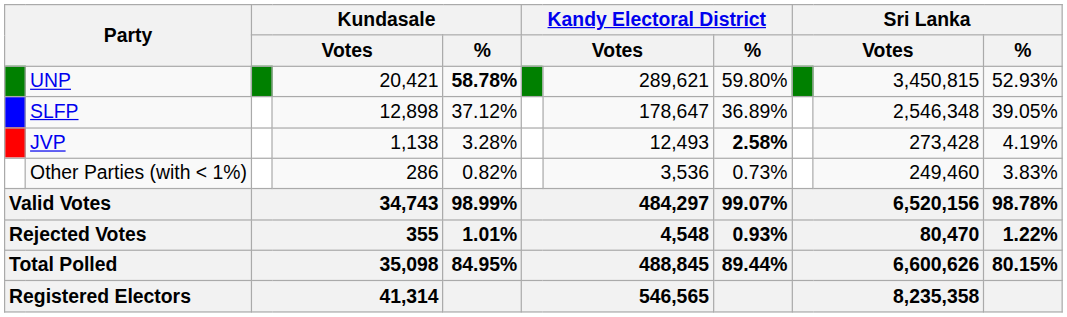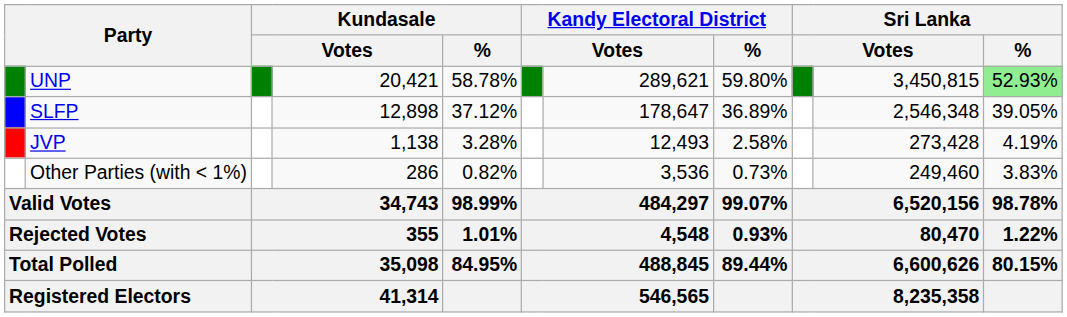 <table class="wikitable">
 <tr>
 <th colspan="2" width="144px"rowspan="2">Party</th>
 <th colspan="3" width="216px">Kundasale</th>
 <th colspan="3" width="216px"><a href='#'>Kandy Electoral District</a></th>
 <th colspan="3" width="216px">Sri Lanka</th>
 </tr>
 <tr>
 <th colspan="2" width="144px">Votes</th>
 <th>%</th>
 <th colspan="2" width="144px">Votes</th>
 <th>%</th>
 <th colspan="2" width="144px">Votes</th>
 <th>%</th>
 </tr>
 <tr>
 <td style="background-color:green;" width="10px"></td>
 <td style="text-align:left;"><a href='#'>UNP</a></td>
 <td style="background-color:green;" width="10px"></td>
 <td style="text-align:right;">20,421</td>
-<td style="text-align:right;"><strong>58.78%</strong></td>
+<td style="text-align:right;">58.78%</td>
 <td style="background-color:green;" width="10px"></td>
 <td style="text-align:right;">289,621</td>
 <td style="text-align:right;">59.80%</td>
 <td style="background-color:green;" width="10px"></td>
 <td style="text-align:right;">3,450,815</td>
-<td style="text-align:right;">52.93%</td>
+<td style="background: lightgreen; text-align:right;">52.93%</td>
 </tr>
 <tr>
 <td style="background-color:blue;" width="10px"></td>
 <td style="text-align:left;"><a href='#'>SLFP</a></td>
 <td style="background-color:white;" width="10px"></td>
 <td style="text-align:right;">12,898</td>
 <td style="text-align:right;">37.12%</td>
 <td style="background-color:white;" width="10px"></td>
 <td style="text-align:right;">178,647</td>
 <td style="text-align:right;">36.89%</td>
 <td style="background-color:white;" width="10px"></td>
 <td style="text-align:right;">2,546,348</td>
 <td style="text-align:right;">39.05%</td>
 </tr>
 <tr>
 <td style="background-color:red;" width="10px"></td>
 <td style="text-align:left;"><a href='#'>JVP</a></td>
 <td style="background-color:white;" width="10px"></td>
 <td style="text-align:right;">1,138</td>
 <td style="text-align:right;">3.28%</td>
 <td style="background-color:white;" width="10px"></td>
 <td style="text-align:right;">12,493</td>
-<td style="text-align:right;"><strong>2.58%</strong></td>
+<td style="text-align:right;">2.58%</td>
 <td style="background-color:white;" width="10px"></td>
 <td style="text-align:right;">273,428</td>
 <td style="text-align:right;">4.19%</td>
 </tr>
 <tr>
 <td style="background-color:white;" width="10px"></td>
 <td style="text-align:left;">Other Parties (with < 1%)</td>
 <td style="background-color:white;" width="10px"></td>
 <td style="text-align:right;">286</td>
 <td style="text-align:right;">0.82%</td>
 <td style="background-color:white;" width="10px"></td>
 <td style="text-align:right;">3,536</td>
 <td style="text-align:right;">0.73%</td>
 <td style="background-color:white;" width="10px"></td>
 <td style="text-align:right;">249,460</td>
 <td style="text-align:right;">3.83%</td>
 </tr>
 <tr>
 <th colspan="2" width="144px"style="text-align:left;">Valid Votes</th>
 <th style="text-align:right;"colspan="2" width="144px">34,743</th>
 <th style="text-align:right;">98.99%</th>
 <th style="text-align:right;"colspan="2" width="144px">484,297</th>
 <th style="text-align:right;">99.07%</th>
 <th style="text-align:right;"colspan="2" width="144px">6,520,156</th>
 <th style="text-align:right;">98.78%</th>
 </tr>
 <tr>
 <th colspan="2" width="144px"style="text-align:left;">Rejected Votes</th>
 <th style="text-align:right;"colspan="2" width="144px">355</th>
 <th style="text-align:right;">1.01%</th>
 <th style="text-align:right;"colspan="2" width="144px">4,548</th>
 <th style="text-align:right;">0.93%</th>
 <th style="text-align:right;"colspan="2" width="144px">80,470</th>
 <th style="text-align:right;">1.22%</th>
 </tr>
 <tr>
 <th colspan="2" width="144px"style="text-align:left;">Total Polled</th>
 <th style="text-align:right;"colspan="2" width="144px">35,098</th>
 <th style="text-align:right;">84.95%</th>
 <th style="text-align:right;"colspan="2" width="144px">488,845</th>
 <th style="text-align:right;">89.44%</th>
 <th style="text-align:right;"colspan="2" width="144px">6,600,626</th>
 <th style="text-align:right;">80.15%</th>
 </tr>
 <tr>
 <th colspan="2" width="144px"style="text-align:left;">Registered Electors</th>
 <th style="text-align:right;"colspan="2" width="144px">41,314</th>
 <th></th>
 <th style="text-align:right;"colspan="2" width="144px">546,565</th>
 <th></th>
 <th style="text-align:right;"colspan="2" width="144px">8,235,358</th>
 <th></th>
 </tr>
 </table>
